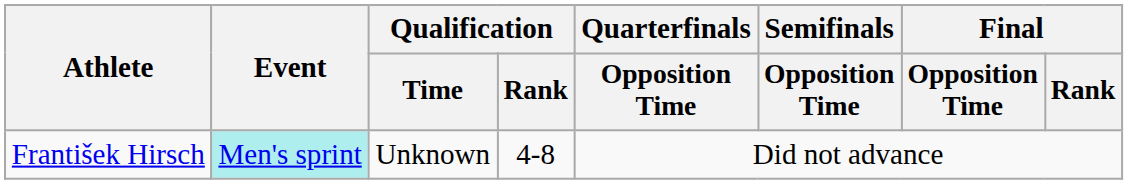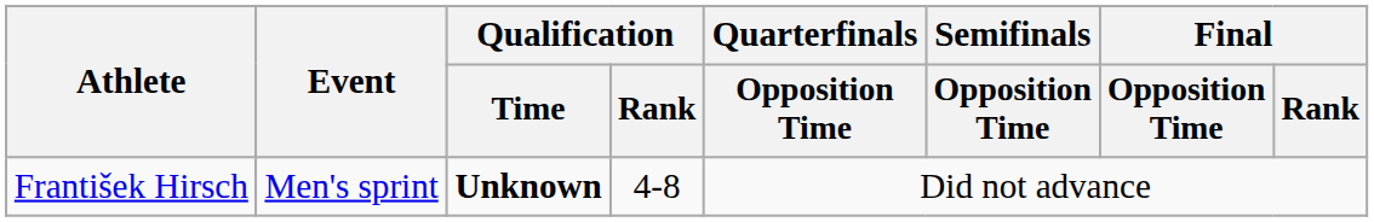 <table class="wikitable" style="font-size:90%">
 <tr>
 <th rowspan=2>Athlete</th>
 <th rowspan=2>Event</th>
 <th colspan=2>Qualification</th>
 <th>Quarterfinals</th>
 <th>Semifinals</th>
 <th colspan=2>Final</th>
 </tr>
 <tr style="font-size:95%">
 <th>Time</th>
 <th>Rank</th>
 <th>Opposition<br>Time</th>
 <th>Opposition<br>Time</th>
 <th>Opposition<br>Time</th>
 <th>Rank</th>
 </tr>
 <tr align=center>
 <td align=left><a href='#'>František Hirsch</a></td>
-<td align=left style="background: paleturquoise;"><a href='#'>Men's sprint</a></td>
-<td>Unknown</td>
+<td align=left><a href='#'>Men's sprint</a></td>
+<td><strong>Unknown</strong></td>
 <td>4-8</td>
 <td colspan=4>Did not advance</td>
 </tr>
 </table>
